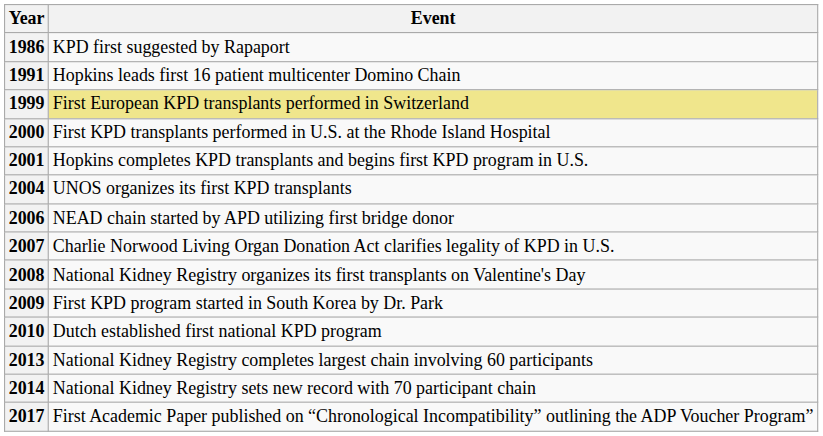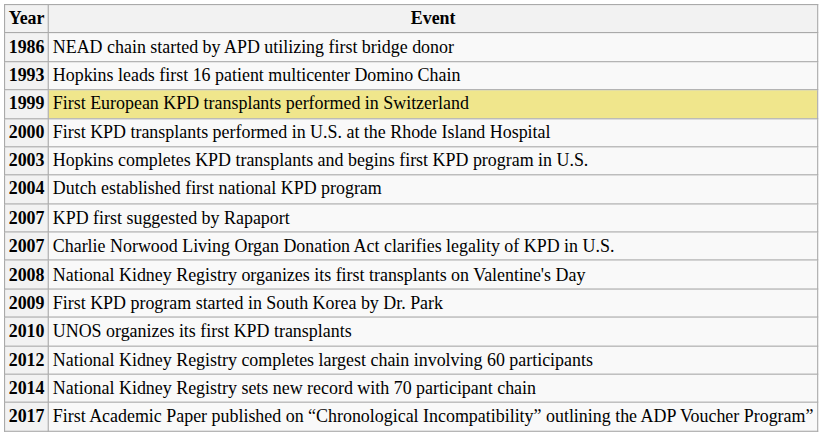 <table class="wikitable">
 <tr>
 <th>Year</th>
 <th>Event</th>
 </tr>
 <tr>
 <th>1986</th>
-<td>KPD first suggested by Rapaport</td>
+<td>NEAD chain started by APD utilizing first bridge donor</td>
 </tr>
 <tr>
-<th>1991</th>
+<th>1993</th>
 <td>Hopkins leads first 16 patient multicenter Domino Chain </td>
 </tr>
 <tr>
 <th>1999</th>
 <td style="background: khaki;">First European KPD transplants performed in Switzerland</td>
 </tr>
 <tr>
 <th>2000</th>
 <td>First KPD transplants performed in U.S. at the Rhode Island Hospital</td>
 </tr>
 <tr>
-<th>2001</th>
+<th>2003</th>
 <td>Hopkins completes KPD transplants and begins first KPD program in U.S.</td>
 </tr>
 <tr>
 <th>2004</th>
-<td>UNOS organizes its first KPD transplants</td>
+<td>Dutch established first national KPD program</td>
 </tr>
 <tr>
-<th>2006</th>
-<td>NEAD chain started by APD utilizing first bridge donor</td>
+<th>2007</th>
+<td>KPD first suggested by Rapaport</td>
 </tr>
 <tr>
 <th>2007</th>
 <td>Charlie Norwood Living Organ Donation Act clarifies legality of KPD in U.S.</td>
 </tr>
 <tr>
 <th>2008</th>
 <td>National Kidney Registry organizes its first transplants on Valentine's Day</td>
 </tr>
 <tr>
 <th>2009</th>
 <td>First KPD program started in South Korea by Dr. Park</td>
 </tr>
 <tr>
 <th>2010</th>
-<td>Dutch established first national KPD program</td>
+<td>UNOS organizes its first KPD transplants</td>
 </tr>
 <tr>
-<th>2013</th>
+<th>2012</th>
 <td>National Kidney Registry completes largest chain involving 60 participants</td>
 </tr>
 <tr>
 <th>2014</th>
 <td>National Kidney Registry sets new record with 70 participant chain</td>
 </tr>
 <tr>
 <th>2017</th>
 <td>First Academic Paper published on “Chronological Incompatibility” outlining the ADP Voucher Program”</td>
 </tr>
 </table>
